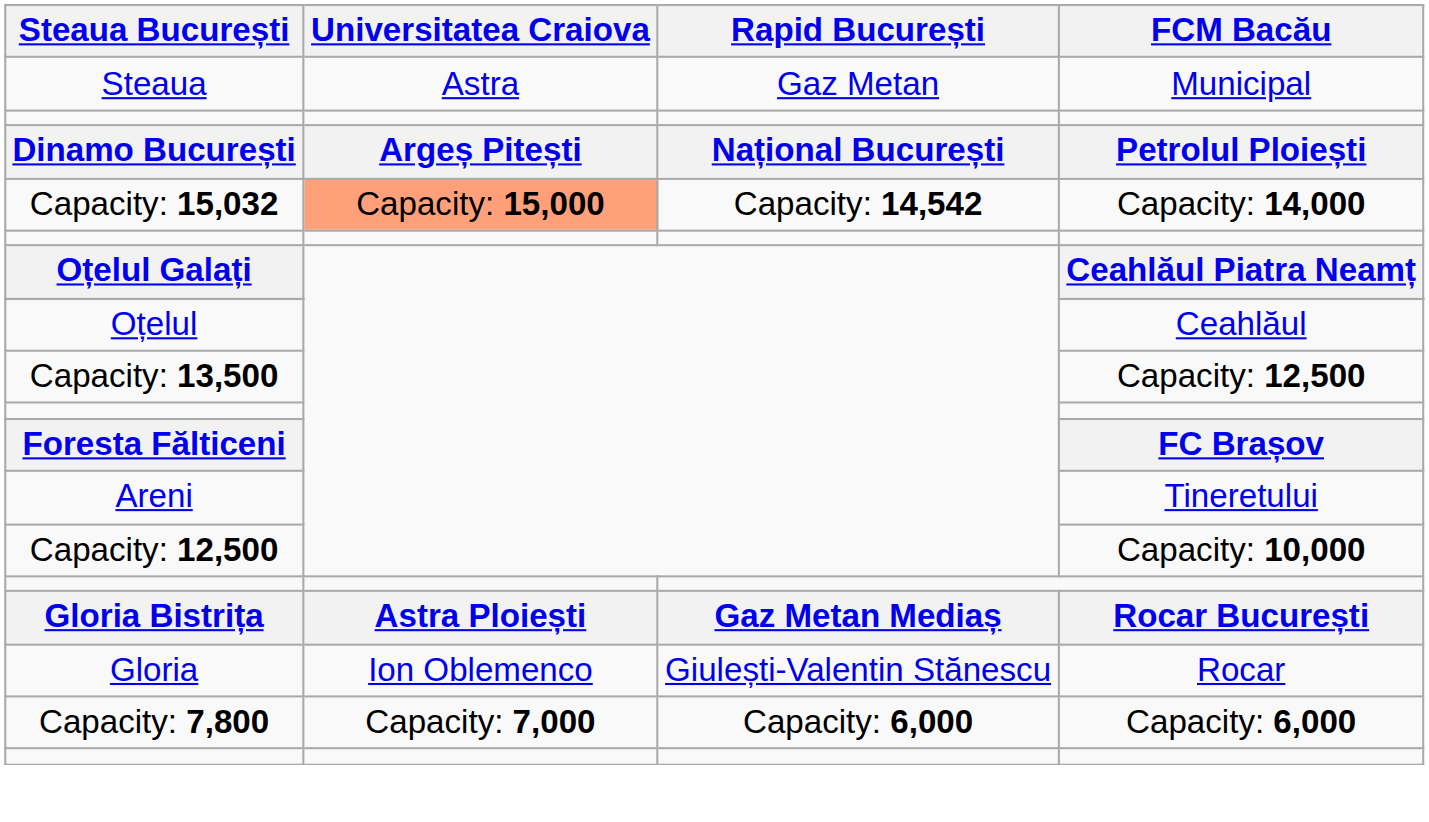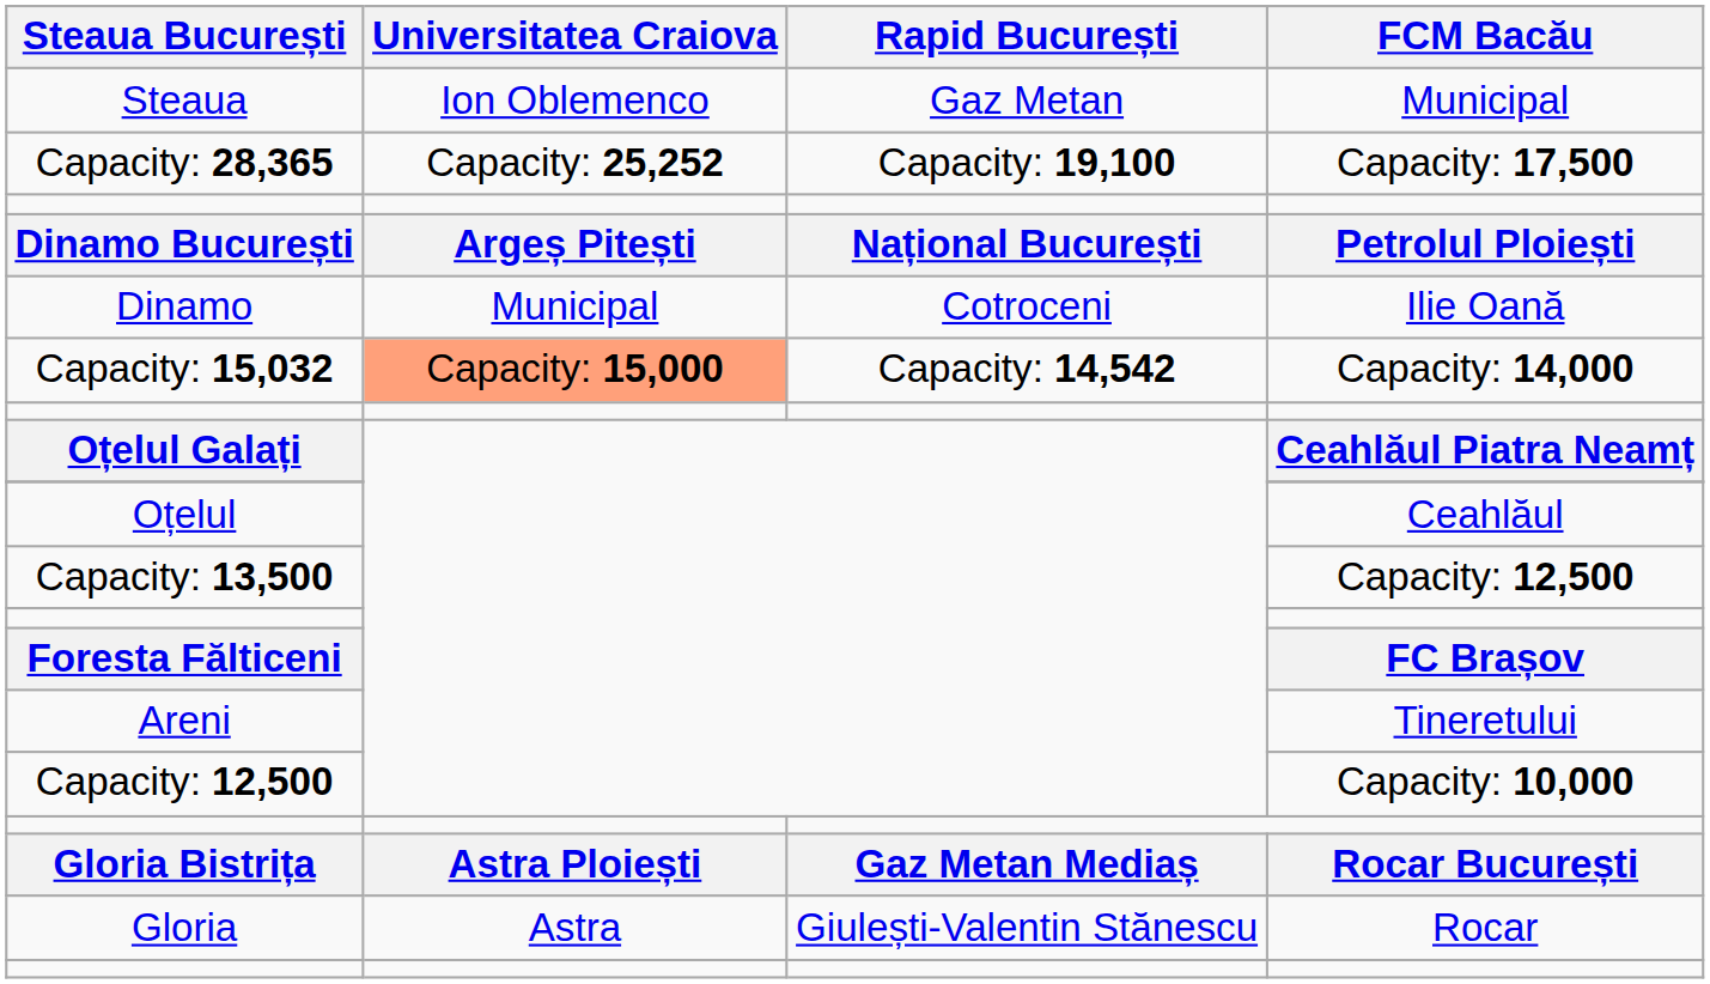 <table class="wikitable" style="text-align:center; margin:0.5em auto;">
 <tr>
 <th><a href='#'>Steaua București</a></th>
 <th><a href='#'>Universitatea Craiova</a></th>
 <th><a href='#'>Rapid București</a></th>
 <th><a href='#'>FCM Bacău</a></th>
 </tr>
 <tr>
 <td><a href='#'>Steaua</a></td>
-<td><a href='#'>Astra</a></td>
+<td><a href='#'>Ion Oblemenco</a></td>
 <td><a href='#'>Gaz Metan</a></td>
 <td><a href='#'>Municipal</a></td>
+</tr>
+<tr>
+<td>Capacity: <strong>28,365</strong></td>
+<td>Capacity: <strong>25,252</strong></td>
+<td>Capacity: <strong>19,100</strong></td>
+<td>Capacity: <strong>17,500</strong></td>
 </tr>
 <tr>
 <td></td>
 <td></td>
 <td></td>
 <td></td>
 </tr>
 <tr>
 <th><a href='#'>Dinamo București</a></th>
 <th><a href='#'>Argeș Pitești</a></th>
 <th><a href='#'>Național București</a></th>
 <th><a href='#'>Petrolul Ploiești</a></th>
+</tr>
+<tr>
+<td><a href='#'>Dinamo</a></td>
+<td><a href='#'>Municipal</a></td>
+<td><a href='#'>Cotroceni</a></td>
+<td><a href='#'>Ilie Oană</a></td>
 </tr>
 <tr>
 <td>Capacity: <strong>15,032</strong></td>
 <td style="background: lightsalmon;">Capacity: <strong>15,000</strong></td>
 <td>Capacity: <strong>14,542</strong></td>
 <td>Capacity: <strong>14,000</strong></td>
 </tr>
 <tr>
 <td></td>
 <td></td>
 <td></td>
 <td></td>
 </tr>
 <tr>
 <th><a href='#'>Oțelul Galați</a></th>
 <td colspan="2" rowspan="8"><br> </td>
 <th><a href='#'>Ceahlăul Piatra Neamț</a></th>
 </tr>
 <tr>
 </tr>
 <tr>
 <td><a href='#'>Oțelul</a></td>
 <td><a href='#'>Ceahlăul</a></td>
 </tr>
 <tr>
 <td>Capacity: <strong>13,500</strong></td>
 <td>Capacity: <strong>12,500</strong></td>
 </tr>
 <tr>
 <td></td>
 <td></td>
 </tr>
 <tr>
 <th><a href='#'>Foresta Fălticeni</a></th>
 <th><a href='#'>FC Brașov</a></th>
 </tr>
 <tr>
 <td><a href='#'>Areni</a></td>
 <td><a href='#'>Tineretului</a></td>
 </tr>
 <tr>
 <td>Capacity: <strong>12,500</strong></td>
 <td>Capacity: <strong>10,000</strong></td>
 </tr>
 <tr>
 <td></td>
 <td></td>
 </tr>
 <tr>
 <th><a href='#'>Gloria Bistrița</a></th>
 <th><a href='#'>Astra Ploiești</a></th>
 <th><a href='#'>Gaz Metan Mediaș</a></th>
 <th><a href='#'>Rocar București</a></th>
 </tr>
 <tr>
 <td><a href='#'>Gloria</a></td>
-<td><a href='#'>Ion Oblemenco</a></td>
+<td><a href='#'>Astra</a></td>
 <td><a href='#'>Giulești-Valentin Stănescu</a></td>
 <td><a href='#'>Rocar</a></td>
-</tr>
-<tr>
-<td>Capacity: <strong>7,800</strong></td>
-<td>Capacity: <strong>7,000</strong></td>
-<td>Capacity: <strong>6,000</strong></td>
-<td>Capacity: <strong>6,000</strong></td>
 </tr>
 <tr>
 <td></td>
 <td></td>
 <td></td>
 <td></td>
 </tr>
 </table>
